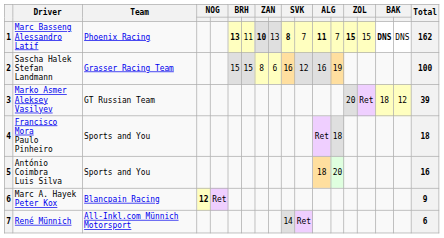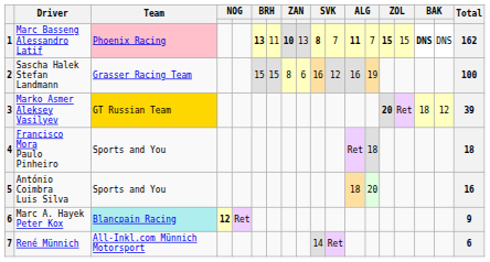 <table class="wikitable" style="font-size: 85%; text-align:center;">
 <tr>
 <th rowspan=2></th>
 <th rowspan=2>Driver</th>
 <th rowspan=2>Team</th>
 <th colspan=2>NOG<br></th>
 <th colspan=2>BRH<br></th>
 <th colspan=2>ZAN<br></th>
 <th colspan=2>SVK<br></th>
 <th colspan=2>ALG<br></th>
 <th colspan=2>ZOL<br></th>
 <th colspan=2>BAK<br></th>
 <th rowspan=2>Total</th>
 </tr>
 <tr>
 <th></th>
 <th></th>
 <th></th>
 <th></th>
 <th></th>
 <th></th>
 <th></th>
 <th></th>
 <th></th>
 <th></th>
 <th></th>
 <th></th>
 <th></th>
 <th></th>
 </tr>
 <tr>
 <th>1</th>
 <td align=left> <a href='#'>Marc Basseng</a><br> <a href='#'>Alessandro Latif</a></td>
-<td align=left> <a href='#'>Phoenix Racing</a></td>
+<td align=left style="background: pink;"> <a href='#'>Phoenix Racing</a></td>
 <td></td>
 <td></td>
 <td style="background:#FFFFBF;"><strong>13</strong></td>
 <td style="background:#FFFFBF;">11</td>
 <td style="background:#DFDFDF;"><strong>10</strong></td>
 <td style="background:#DFDFDF;">13</td>
 <td style="background:#FFFFBF;"><strong>8</strong></td>
 <td style="background:#FFFFBF;">7</td>
 <td style="background:#FFFFBF;"><strong>11</strong></td>
 <td style="background:#FFFFBF;">7</td>
 <td style="background:#FFFFBF;"><strong>15</strong></td>
 <td style="background:#FFFFBF;">15</td>
 <td style="background:#FFFFFF;"><strong>DNS</strong></td>
 <td style="background:#FFFFFF;">DNS</td>
 <th>162</th>
 </tr>
 <tr>
 <th>2</th>
 <td align=left> Sascha Halek<br> Stefan Landmann</td>
 <td align=left> <a href='#'>Grasser Racing Team</a></td>
 <td></td>
 <td></td>
 <td style="background:#DFDFDF;">15</td>
 <td style="background:#DFDFDF;">15</td>
 <td style="background:#FFFFBF;">8</td>
 <td style="background:#FFFFBF;">6</td>
 <td style="background:#FFDF9F;">16</td>
 <td style="background:#DFDFDF;">12</td>
 <td style="background:#DFDFDF;">16</td>
 <td style="background:#FFDF9F;">19</td>
 <td></td>
 <td></td>
 <td></td>
 <td></td>
 <th>100</th>
 </tr>
 <tr>
 <th>3</th>
 <td align=left> <a href='#'>Marko Asmer</a><br> <a href='#'>Aleksey Vasilyev</a></td>
-<td align=left> GT Russian Team</td>
+<td align=left style="background: gold;"> GT Russian Team</td>
 <td></td>
 <td></td>
 <td></td>
 <td></td>
 <td></td>
 <td></td>
 <td></td>
 <td></td>
 <td></td>
 <td></td>
-<td style="background:#DFDFDF;">20</td>
+<td style="background:#DFDFDF;"><strong>20</strong></td>
 <td style="background:#EFCFFF;">Ret</td>
 <td style="background:#FFFFBF;">18</td>
 <td style="background:#FFFFBF;">12</td>
 <th>39</th>
 </tr>
 <tr>
 <th>4</th>
 <td align=left> <a href='#'>Francisco Mora</a><br> Paulo Pinheiro</td>
 <td align=left> Sports and You</td>
 <td></td>
 <td></td>
 <td></td>
 <td></td>
 <td></td>
 <td></td>
 <td></td>
 <td></td>
 <td style="background:#EFCFFF;">Ret</td>
 <td style="background:#DFDFDF;">18</td>
 <td></td>
 <td></td>
 <td></td>
 <td></td>
 <th>18</th>
 </tr>
 <tr>
 <th>5</th>
 <td align=left> António Coimbra<br> Luis Silva</td>
 <td align=left> Sports and You</td>
 <td></td>
 <td></td>
 <td></td>
 <td></td>
 <td></td>
 <td></td>
 <td></td>
 <td></td>
 <td style="background:#FFDF9F;">18</td>
 <td style="background:#DFFFDF;">20</td>
 <td></td>
 <td></td>
 <td></td>
 <td></td>
 <th>16</th>
 </tr>
 <tr>
 <th>6</th>
 <td align=left> Marc A. Hayek<br> <a href='#'>Peter Kox</a></td>
-<td align=left> <a href='#'>Blancpain Racing</a></td>
+<td align=left style="background: paleturquoise;"> <a href='#'>Blancpain Racing</a></td>
 <td style="background:#FFFFBF;"><strong>12</strong></td>
 <td style="background:#EFCFFF;">Ret</td>
 <td></td>
 <td></td>
 <td></td>
 <td></td>
 <td></td>
 <td></td>
 <td></td>
 <td></td>
 <td></td>
 <td></td>
 <td></td>
 <td></td>
 <th>9</th>
 </tr>
 <tr>
 <th>7</th>
 <td align=left> <a href='#'>René Münnich</a></td>
 <td align=left> <a href='#'>All-Inkl.com Münnich Motorsport</a></td>
 <td></td>
 <td></td>
 <td></td>
 <td></td>
 <td></td>
 <td></td>
 <td style="background:#DFDFDF;">14</td>
 <td style="background:#EFCFFF;">Ret</td>
 <td></td>
 <td></td>
 <td></td>
 <td></td>
 <td></td>
 <td></td>
 <th>6</th>
 </tr>
 </table>
